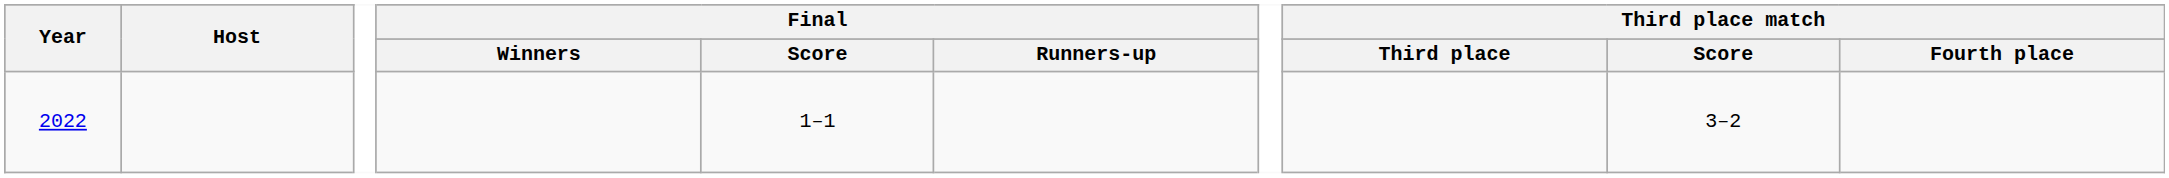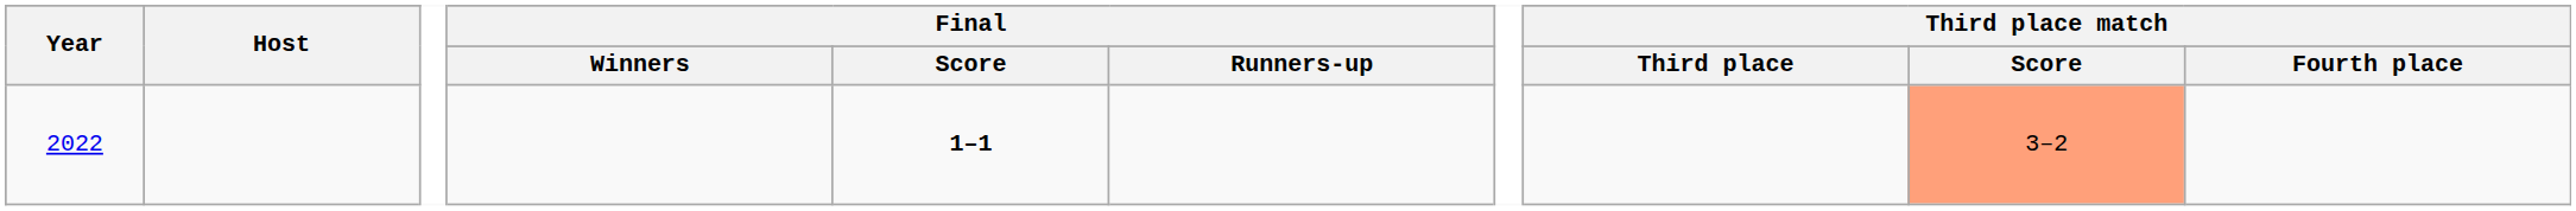 <table class="wikitable" style="font-size:90%; text-align:center; width:100%;">
 <tr>
 <th rowspan="2" width="5%">Year</th>
 <th rowspan="2" width="10%">Host</th>
 <td rowspan="3" width="1%" style="background-color:#ffffff;border-top-style:hidden;border-bottom-style:hidden;"></td>
 <th colspan="3">Final</th>
 <td rowspan="3" width="1%" style="background-color:#ffffff;border-top-style:hidden;border-bottom-style:hidden;"></td>
 <th colspan="3">Third place match</th>
 </tr>
 <tr>
 <th width="14%">Winners</th>
 <th width="10%">Score</th>
 <th width="14%">Runners-up</th>
 <th width="14%">Third place</th>
 <th width="10%">Score</th>
 <th width="14%">Fourth place</th>
 </tr>
 <tr style="height: 5em;">
 <td><a href='#'>2022</a></td>
 <td align="left"></td>
 <td><strong></strong></td>
-<td>1–1 </td>
+<td><strong>1–1 </strong></td>
 <td></td>
 <td></td>
-<td>3–2</td>
+<td style="background: lightsalmon;">3–2</td>
 <td></td>
 </tr>
 </table>
